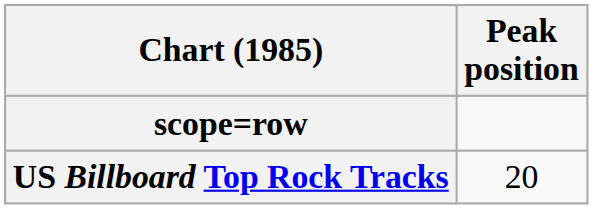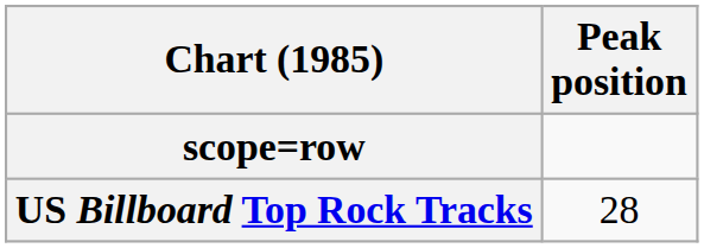 <table class="wikitable sortable plainrowheaders" style="text-align:center;">
 <tr>
 <th scope="col">Chart (1985)</th>
 <th scope="col">Peak<br>position</th>
 </tr>
 <tr>
 <th>scope=row</th>
 </tr>
 <tr>
 <th scope=row>US <em>Billboard</em> <a href='#'>Top Rock Tracks</a></th>
-<td>20</td>
+<td>28</td>
 </tr>
 </table>
